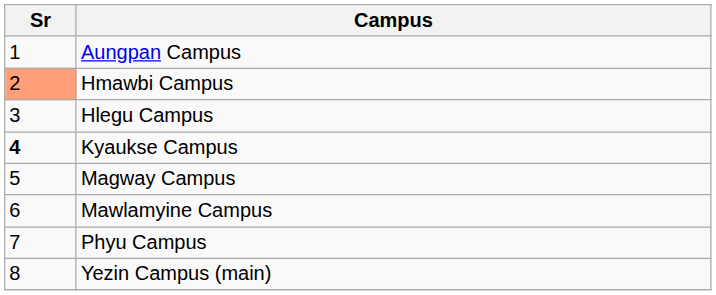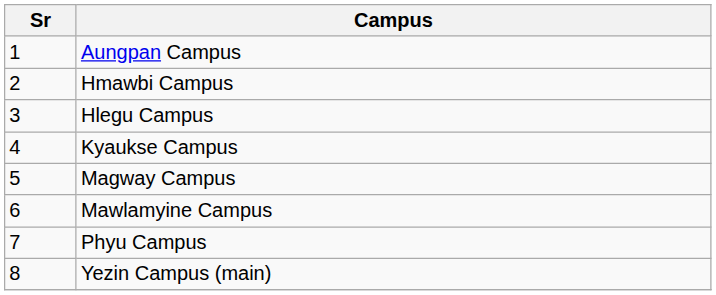 <table class="wikitable">
 <tr>
 <th width="50">Sr</th>
 <th width="500">Campus</th>
 </tr>
 <tr>
 <td>1</td>
 <td><a href='#'>Aungpan</a> Campus</td>
 </tr>
 <tr>
-<td style="background: lightsalmon;">2</td>
+<td>2</td>
 <td>Hmawbi Campus</td>
 </tr>
 <tr>
 <td>3</td>
 <td>Hlegu Campus</td>
 </tr>
 <tr>
-<td><strong>4</strong></td>
+<td>4</td>
 <td>Kyaukse Campus</td>
 </tr>
 <tr>
 <td>5</td>
 <td>Magway Campus</td>
 </tr>
 <tr>
 <td>6</td>
 <td>Mawlamyine Campus</td>
 </tr>
 <tr>
 <td>7</td>
 <td>Phyu Campus</td>
 </tr>
 <tr>
 <td>8</td>
 <td>Yezin Campus (main)</td>
 </tr>
 <tr>
 </tr>
 </table>
